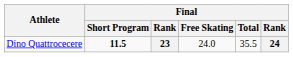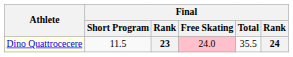 <table class="wikitable" style="font-size:90%">
 <tr>
 <th rowspan="2">Athlete</th>
 <th colspan="9">Final</th>
 </tr>
 <tr>
 <th>Short Program</th>
 <th>Rank</th>
 <th>Free Skating</th>
 <th>Total</th>
 <th>Rank</th>
 </tr>
 <tr>
-<td><a href='#'>Dino Quattrocecere</a></td>
-<td align="center"><strong>11.5</strong></td>
+<td style="background: lightyellow;"><a href='#'>Dino Quattrocecere</a></td>
+<td align="center">11.5</td>
 <th align="center">23</th>
-<td align="center">24.0</td>
+<td align="center" style="background: pink;">24.0</td>
 <td align="center">35.5</td>
 <th align="center">24</th>
 </tr>
 </table>
